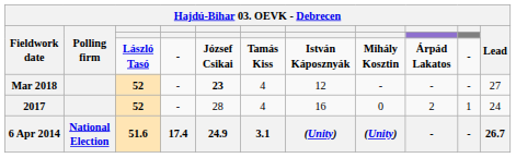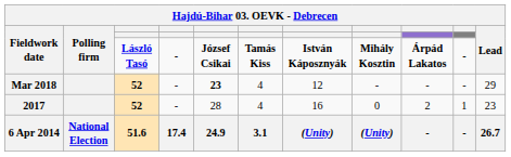 <table class="wikitable mw-collapsible mw-collapsed" style="text-align:center">
 <tr>
 <th colspan="11" style="width: 980pt;"><small><a href='#'>Hajdú-Bihar</a> 03. OEVK - <a href='#'>Debrecen</a></small></th>
 </tr>
 <tr>
 <th rowspan="3" style="width: 80pt;"><small>Fieldwork</small> <small>date</small></th>
 <th rowspan="3" style="width: 80pt;"><strong><small>Polling</small> <small>firm</small></strong></th>
 <th style="width: 100pt;"><small></small></th>
 <th style="width: 100pt;"><small> </small></th>
 <th style="width: 100pt;"></th>
 <th style="width: 100pt;"></th>
 <th style="width: 100pt;"></th>
 <th style="width: 100pt;"></th>
 <th style="width: 100pt;"></th>
 <th style="width: 100pt;"></th>
 <th rowspan="3" style="width: 20pt;"><small>Lead</small></th>
 </tr>
 <tr>
 <th style="color:inherit;background:"></th>
 <th style="color:inherit;background:"></th>
 <th style="color:inherit;background:"></th>
 <th style="color:inherit;background:"></th>
 <th style="color:inherit;background:"></th>
 <th style="color:inherit;background:"></th>
 <th style="color:inherit;background:#8E6FCE;"></th>
 <th style="color:inherit;background:#808080;"></th>
 </tr>
 <tr>
 <td><strong><a href='#'><small>László Tasó</small></a></strong></td>
 <td><strong><small>-</small></strong></td>
 <td><strong><small>József Csikai</small></strong></td>
 <td><strong><small>Tamás Kiss</small></strong></td>
 <td><strong><small>István Káposznyák</small></strong></td>
 <td><strong><small>Mihály Kosztin</small></strong></td>
 <td><strong><small>Árpád Lakatos</small></strong></td>
 <td><strong><small>-</small></strong></td>
 </tr>
 <tr>
 <th><small>Mar 2018</small></th>
 <th><small></small></th>
 <td style="background:#FFE5B4"><strong><small>52</small></strong></td>
 <td><small>-</small></td>
 <td><strong><small>23</small></strong></td>
 <td><small>4</small></td>
 <td><small>12</small></td>
 <td><small>-</small></td>
 <td><small>-</small></td>
 <td><small>-</small></td>
-<td style="background:"><small>27</small></td>
+<td style="background:"><small>29</small></td>
 </tr>
 <tr>
 <th><small>2017</small></th>
 <th><small></small></th>
 <td style="background:#FFE5B4"><strong><small>52</small></strong></td>
 <td><small>-</small></td>
 <td><small>28</small></td>
 <td><small>4</small></td>
 <td><small>16</small></td>
 <td><small>0</small></td>
 <td><small>2</small></td>
 <td><small>1</small></td>
-<td style="background:"><small>24</small></td>
+<td style="background:"><small>23</small></td>
 </tr>
 <tr>
 <th><small>6 Apr 2014</small></th>
 <th><a href='#'><small>National Election</small></a></th>
 <th style="background:#FFE5B4"><small>51.6</small></th>
 <th><small>17.4</small></th>
 <th><small>24.9</small></th>
 <th><small>3.1</small></th>
 <th><small><em>(<a href='#'>Unity</a>)</em></small></th>
 <th><small><em>(<a href='#'>Unity</a>)</em></small></th>
 <th><small>-</small></th>
 <th><small>-</small></th>
 <th style="background:"><small>26.7</small></th>
 </tr>
 </table>
